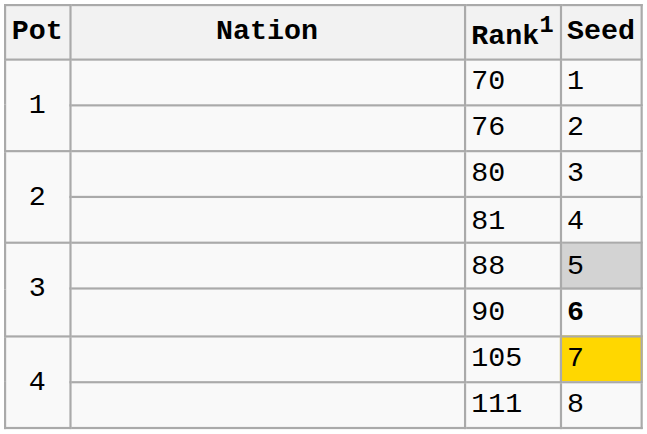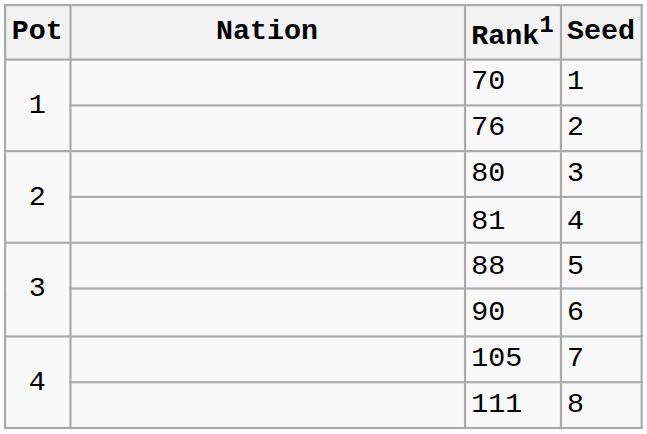 <table class="wikitable">
 <tr>
 <th>Pot</th>
 <th width="175">Nation</th>
 <th>Rank<sup>1</sup></th>
 <th>Seed</th>
 </tr>
 <tr>
 <td rowspan=2 style="text-align:center;">1</td>
 <td></td>
 <td>70</td>
 <td>1</td>
 </tr>
 <tr>
 <td></td>
 <td>76</td>
 <td>2</td>
 </tr>
 <tr>
 <td rowspan=2 style="text-align:center;">2</td>
 <td></td>
 <td>80</td>
 <td>3</td>
 </tr>
 <tr>
 <td></td>
 <td>81</td>
 <td>4</td>
 </tr>
 <tr>
 <td rowspan=2 style="text-align:center;">3</td>
 <td></td>
 <td>88</td>
-<td style="background: lightgrey;">5</td>
+<td>5</td>
 </tr>
 <tr>
 <td></td>
 <td>90</td>
-<td><strong>6</strong></td>
+<td>6</td>
 </tr>
 <tr>
 <td rowspan=2 style="text-align:center;">4</td>
 <td></td>
 <td>105</td>
-<td style="background: gold;">7</td>
+<td>7</td>
 </tr>
 <tr>
 <td></td>
 <td>111</td>
 <td>8</td>
 </tr>
 </table>
